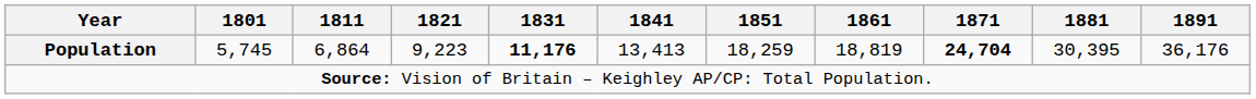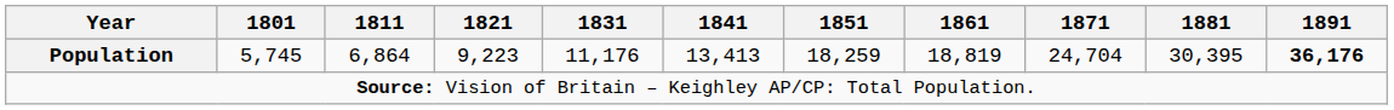 <table class="wikitable" style="text-align: center;">
 <tr>
 <th style="width:10%;">Year</th>
 <th style="width:5%;"> 1801</th>
 <th style="width:5%;"> 1811</th>
 <th style="width:5%;"> 1821</th>
 <th style="width:5%;"> 1831</th>
 <th style="width:5%;"> 1841</th>
 <th style="width:5%;"> 1851</th>
 <th style="width:5%;"> 1861</th>
 <th style="width:5%;"> 1871</th>
 <th style="width:5%;"> 1881</th>
 <th style="width:5%;"> 1891</th>
 </tr>
 <tr>
 <th>Population</th>
 <td> 5,745</td>
 <td> 6,864</td>
 <td> 9,223</td>
-<td><strong> 11,176</strong></td>
+<td> 11,176</td>
 <td> 13,413</td>
 <td> 18,259</td>
 <td> 18,819</td>
-<td><strong> 24,704</strong></td>
+<td> 24,704</td>
 <td> 30,395</td>
-<td> 36,176</td>
+<td><strong> 36,176</strong></td>
 </tr>
 <tr>
 <td colspan="11" style="text-align:center;font-size:90%;"><strong>Source:</strong> Vision of Britain – Keighley AP/CP: Total Population.</td>
 </tr>
 </table>
